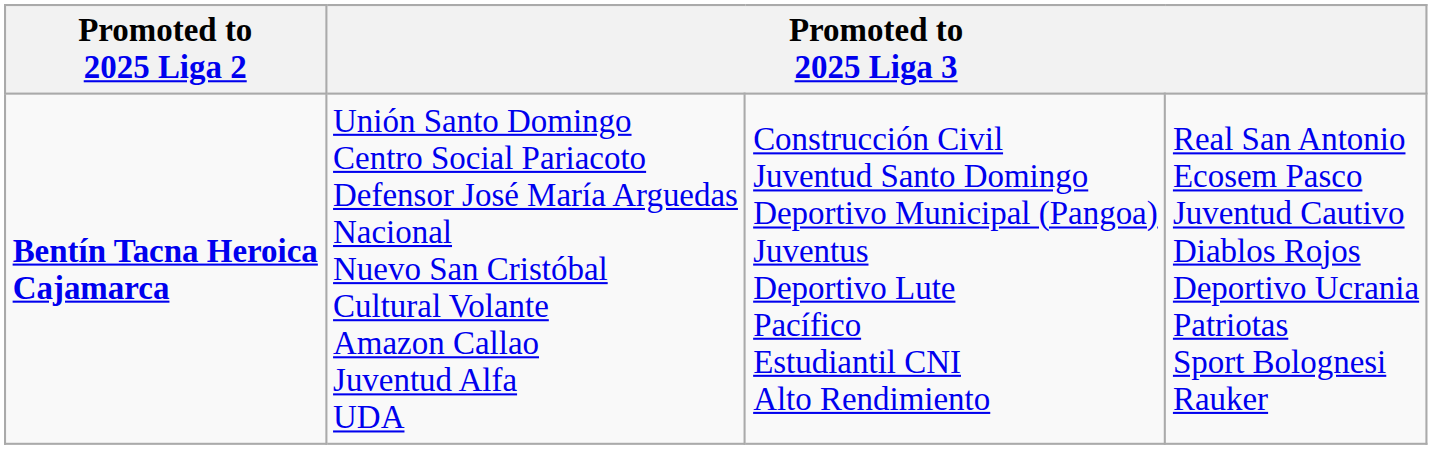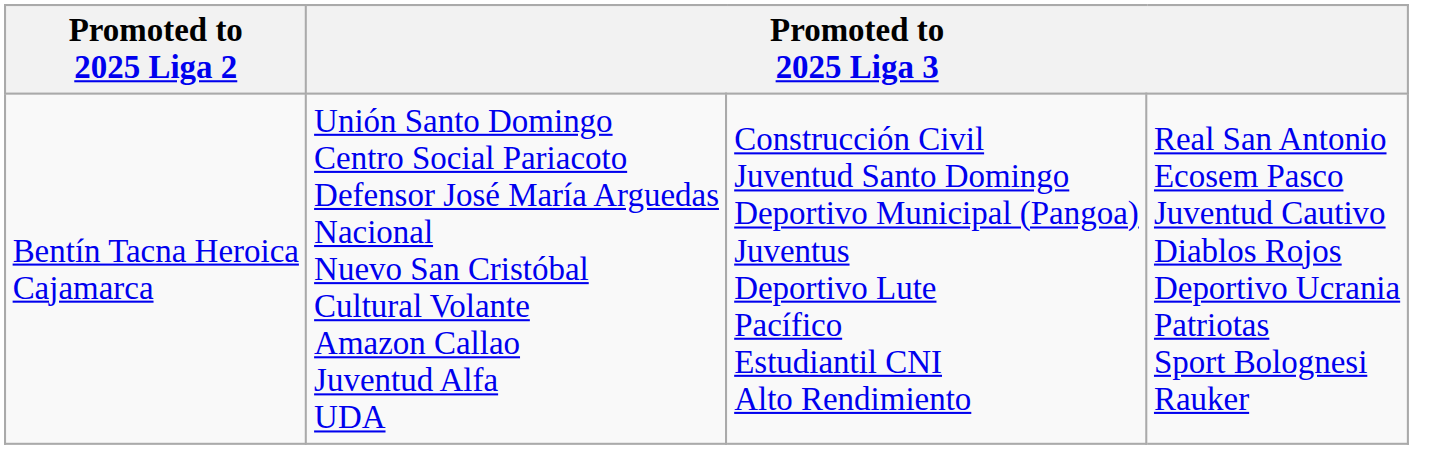 <table class="wikitable">
 <tr>
 <th>Promoted to<br><a href='#'>2025 Liga 2</a></th>
 <th colspan="3">Promoted to<br><a href='#'>2025 Liga 3</a></th>
 </tr>
 <tr>
-<td><strong> <a href='#'>Bentín Tacna Heroica</a> <br> <a href='#'>Cajamarca</a> </strong></td>
+<td> <a href='#'>Bentín Tacna Heroica</a> <br> <a href='#'>Cajamarca</a> </td>
 <td> <a href='#'>Unión Santo Domingo</a> <br> <a href='#'>Centro Social Pariacoto</a> <br> <a href='#'>Defensor José María Arguedas</a> <br> <a href='#'>Nacional</a> <br> <a href='#'>Nuevo San Cristóbal</a> <br> <a href='#'>Cultural Volante</a> <br> <a href='#'>Amazon Callao</a> <br> <a href='#'>Juventud Alfa</a> <br> <a href='#'>UDA</a> </td>
 <td> <a href='#'>Construcción Civil</a> <br> <a href='#'>Juventud Santo Domingo</a> <br> <a href='#'>Deportivo Municipal (Pangoa)</a> <br> <a href='#'>Juventus</a> <br> <a href='#'>Deportivo Lute</a> <br> <a href='#'>Pacífico</a> <br> <a href='#'>Estudiantil CNI</a> <br> <a href='#'>Alto Rendimiento</a> </td>
 <td> <a href='#'>Real San Antonio</a> <br>  <a href='#'>Ecosem Pasco</a> <br> <a href='#'>Juventud Cautivo</a> <br> <a href='#'>Diablos Rojos</a> <br> <a href='#'>Deportivo Ucrania</a> <br> <a href='#'>Patriotas</a> <br> <a href='#'>Sport Bolognesi</a> <br> <a href='#'>Rauker</a> </td>
 </tr>
 </table>
